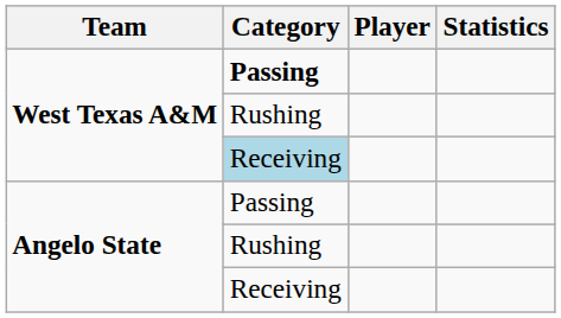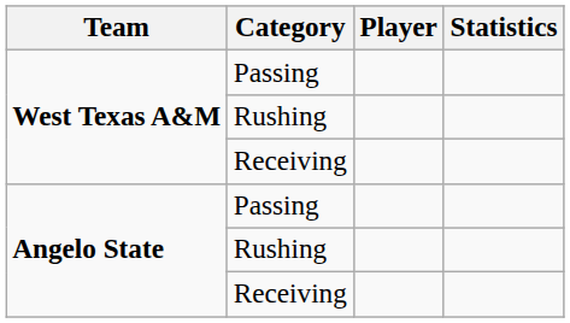 <table class="wikitable" style="float: right;">
 <tr>
 <th>Team</th>
 <th>Category</th>
 <th>Player</th>
 <th>Statistics</th>
 </tr>
 <tr>
 <td rowspan=3><strong>West Texas A&M</strong></td>
-<td><strong>Passing</strong></td>
+<td>Passing</td>
 <td></td>
 <td></td>
 </tr>
 <tr>
 <td>Rushing</td>
 <td></td>
 <td></td>
 </tr>
 <tr>
-<td style="background: lightblue;">Receiving</td>
+<td>Receiving</td>
 <td></td>
 <td></td>
 </tr>
 <tr>
 <td rowspan=3><strong>Angelo State</strong></td>
 <td>Passing</td>
 <td></td>
 <td></td>
 </tr>
 <tr>
 <td>Rushing</td>
 <td></td>
 <td></td>
 </tr>
 <tr>
 <td>Receiving</td>
 <td></td>
 <td></td>
 </tr>
 </table>
